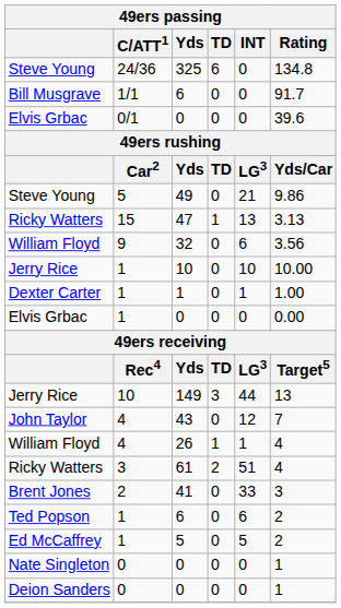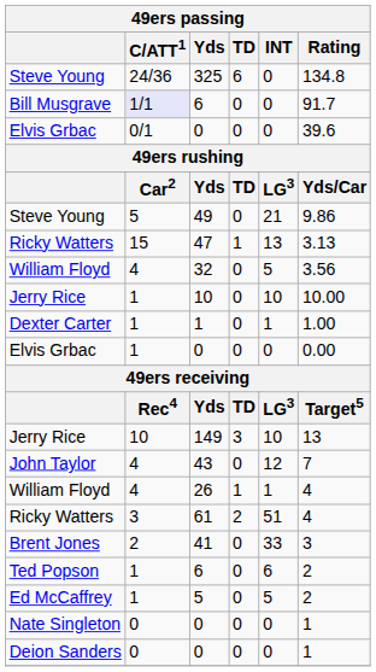 <table class="wikitable">
 <tr>
 <th colspan="6">49ers passing</th>
 </tr>
 <tr>
 <th></th>
 <th>C/ATT<sup>1</sup></th>
 <th>Yds</th>
 <th>TD</th>
 <th>INT</th>
 <th>Rating</th>
 </tr>
 <tr>
 <td><a href='#'>Steve Young</a></td>
 <td>24/36</td>
 <td>325</td>
 <td>6</td>
 <td>0</td>
 <td>134.8</td>
 </tr>
 <tr>
 <td><a href='#'>Bill Musgrave</a></td>
-<td>1/1</td>
+<td style="background: lavender;">1/1</td>
 <td>6</td>
 <td>0</td>
 <td>0</td>
 <td>91.7</td>
 </tr>
 <tr>
 <td><a href='#'>Elvis Grbac</a></td>
 <td>0/1</td>
 <td>0</td>
 <td>0</td>
 <td>0</td>
 <td>39.6</td>
 </tr>
 <tr>
 <th colspan="6">49ers rushing</th>
 </tr>
 <tr>
 <th></th>
 <th>Car<sup>2</sup></th>
 <th>Yds</th>
 <th>TD</th>
 <th>LG<sup>3</sup></th>
 <th>Yds/Car</th>
 </tr>
 <tr>
 <td>Steve Young</td>
 <td>5</td>
 <td>49</td>
 <td>0</td>
 <td>21</td>
 <td>9.86</td>
 </tr>
 <tr>
 <td><a href='#'>Ricky Watters</a></td>
 <td>15</td>
 <td>47</td>
 <td>1</td>
 <td>13</td>
 <td>3.13</td>
 </tr>
 <tr>
 <td><a href='#'>William Floyd</a></td>
-<td>9</td>
+<td>4</td>
 <td>32</td>
 <td>0</td>
-<td>6</td>
+<td>5</td>
 <td>3.56</td>
 </tr>
 <tr>
 <td><a href='#'>Jerry Rice</a></td>
 <td>1</td>
 <td>10</td>
 <td>0</td>
 <td>10</td>
 <td>10.00</td>
 </tr>
 <tr>
 <td><a href='#'>Dexter Carter</a></td>
 <td>1</td>
 <td>1</td>
 <td>0</td>
 <td>1</td>
 <td>1.00</td>
 </tr>
 <tr>
 <td>Elvis Grbac</td>
 <td>1</td>
 <td>0</td>
 <td>0</td>
 <td>0</td>
 <td>0.00</td>
 </tr>
 <tr>
 <th colspan="6">49ers receiving</th>
 </tr>
 <tr>
 <th></th>
 <th>Rec<sup>4</sup></th>
 <th>Yds</th>
 <th>TD</th>
 <th>LG<sup>3</sup></th>
 <th>Target<sup>5</sup></th>
 </tr>
 <tr>
 <td>Jerry Rice</td>
 <td>10</td>
 <td>149</td>
 <td>3</td>
-<td>44</td>
+<td>10</td>
 <td>13</td>
 </tr>
 <tr>
 <td><a href='#'>John Taylor</a></td>
 <td>4</td>
 <td>43</td>
 <td>0</td>
 <td>12</td>
 <td>7</td>
 </tr>
 <tr>
 <td>William Floyd</td>
 <td>4</td>
 <td>26</td>
 <td>1</td>
 <td>1</td>
 <td>4</td>
 </tr>
 <tr>
 <td>Ricky Watters</td>
 <td>3</td>
 <td>61</td>
 <td>2</td>
 <td>51</td>
 <td>4</td>
 </tr>
 <tr>
 <td><a href='#'>Brent Jones</a></td>
 <td>2</td>
 <td>41</td>
 <td>0</td>
 <td>33</td>
 <td>3</td>
 </tr>
 <tr>
 <td><a href='#'>Ted Popson</a></td>
 <td>1</td>
 <td>6</td>
 <td>0</td>
 <td>6</td>
 <td>2</td>
 </tr>
 <tr>
 <td><a href='#'>Ed McCaffrey</a></td>
 <td>1</td>
 <td>5</td>
 <td>0</td>
 <td>5</td>
 <td>2</td>
 </tr>
 <tr>
 <td><a href='#'>Nate Singleton</a></td>
 <td>0</td>
 <td>0</td>
 <td>0</td>
 <td>0</td>
 <td>1</td>
 </tr>
 <tr>
 <td><a href='#'>Deion Sanders</a></td>
 <td>0</td>
 <td>0</td>
 <td>0</td>
 <td>0</td>
 <td>1</td>
 </tr>
 <tr>
 </tr>
 </table>
